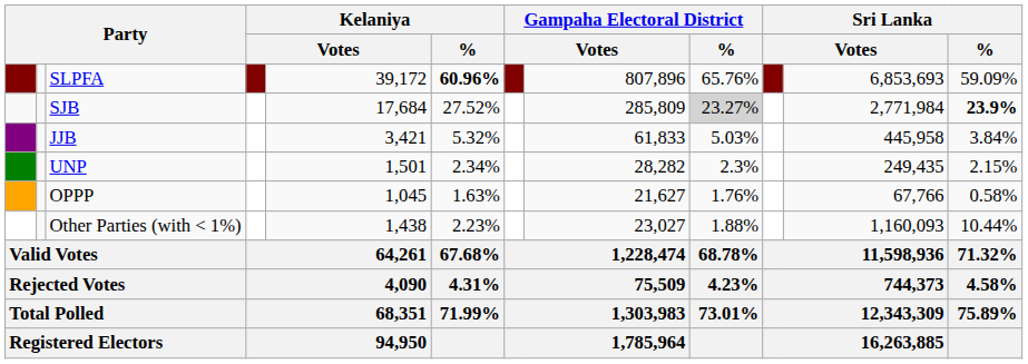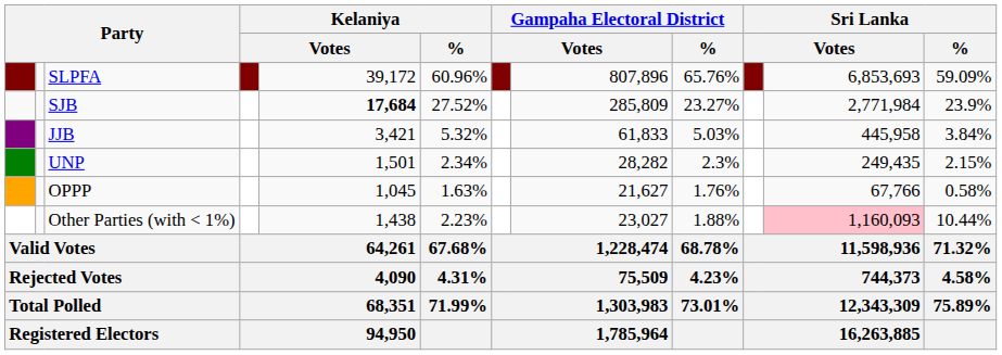 <table class="wikitable">
 <tr>
 <th colspan="3" width="144px"rowspan="2">Party</th>
 <th colspan="3" width="216px">Kelaniya</th>
 <th colspan="3" width="216px"><a href='#'>Gampaha Electoral District</a></th>
 <th colspan="3" width="216px">Sri Lanka</th>
 </tr>
 <tr>
 <th colspan="2" width="144px">Votes</th>
 <th>%</th>
 <th colspan="2" width="144px">Votes</th>
 <th>%</th>
 <th colspan="2" width="144px">Votes</th>
 <th>%</th>
 </tr>
 <tr>
 <td style="background-color:maroon;" width="20px"></td>
 <td></td>
 <td style="text-align:left;"><a href='#'>SLPFA</a></td>
 <td style="background-color:maroon;" width="10px"></td>
 <td style="text-align:right;">39,172</td>
-<td style="text-align:right;"><strong>60.96%</strong></td>
+<td style="text-align:right;">60.96%</td>
 <td style="background-color:maroon;" width="10px"></td>
 <td style="text-align:right;">807,896</td>
 <td style="text-align:right;">65.76%</td>
 <td style="background-color:maroon;" width="10px"></td>
 <td style="text-align:right;">6,853,693</td>
 <td style="text-align:right;">59.09%</td>
 </tr>
 <tr>
 <td style="background-color:"></td>
 <td></td>
 <td style="text-align:left;"><a href='#'>SJB</a></td>
 <td style="background-color:white;" width="10px"></td>
-<td style="text-align:right;">17,684</td>
+<td style="text-align:right;"><strong>17,684</strong></td>
 <td style="text-align:right;">27.52%</td>
 <td style="background-color:white;" width="10px"></td>
 <td style="text-align:right;">285,809</td>
-<td style="background: lightgrey; text-align:right;">23.27%</td>
+<td style="text-align:right;">23.27%</td>
 <td style="background-color:white;" width="10px"></td>
 <td style="text-align:right;">2,771,984</td>
-<td style="text-align:right;"><strong>23.9%</strong></td>
+<td style="text-align:right;">23.9%</td>
 </tr>
 <tr>
 <td style="background-color:purple;" width="20px"></td>
 <td></td>
 <td style="text-align:left;"><a href='#'>JJB</a></td>
 <td style="background-color:white;" width="10px"></td>
 <td style="text-align:right;">3,421</td>
 <td style="text-align:right;">5.32%</td>
 <td style="background-color:white;" width="10px"></td>
 <td style="text-align:right;">61,833</td>
 <td style="text-align:right;">5.03%</td>
 <td style="background-color:white;" width="10px"></td>
 <td style="text-align:right;">445,958</td>
 <td style="text-align:right;">3.84%</td>
 </tr>
 <tr>
 <td style="background-color:green;" width="20px"></td>
 <td></td>
 <td style="text-align:left;"><a href='#'>UNP</a></td>
 <td style="background-color:white;" width="10px"></td>
 <td style="text-align:right;">1,501</td>
 <td style="text-align:right;">2.34%</td>
 <td style="background-color:white;" width="10px"></td>
 <td style="text-align:right;">28,282</td>
 <td style="text-align:right;">2.3%</td>
 <td style="background-color:white;" width="10px"></td>
 <td style="text-align:right;">249,435</td>
 <td style="text-align:right;">2.15%</td>
 </tr>
 <tr>
 <td style="background-color:orange;" width="20px"></td>
 <td></td>
 <td style="text-align:left;">OPPP</td>
 <td style="background-color:white;" width="10px"></td>
 <td style="text-align:right;">1,045</td>
 <td style="text-align:right;">1.63%</td>
 <td style="background-color:white;" width="10px"></td>
 <td style="text-align:right;">21,627</td>
 <td style="text-align:right;">1.76%</td>
 <td style="background-color:white;" width="10px"></td>
 <td style="text-align:right;">67,766</td>
 <td style="text-align:right;">0.58%</td>
 </tr>
 <tr>
 <td style="background-color:white;" width="20px"></td>
 <td></td>
 <td style="text-align:left;">Other Parties (with < 1%)</td>
 <td style="background-color:white;" width="10px"></td>
 <td style="text-align:right;">1,438</td>
 <td style="text-align:right;">2.23%</td>
 <td style="background-color:white;" width="10px"></td>
 <td style="text-align:right;">23,027</td>
 <td style="text-align:right;">1.88%</td>
 <td style="background-color:white;" width="10px"></td>
-<td style="text-align:right;">1,160,093</td>
+<td style="background: pink; text-align:right;">1,160,093</td>
 <td style="text-align:right;">10.44%</td>
 </tr>
 <tr>
 <th colspan="3" width="144px"style="text-align:left;">Valid Votes</th>
 <th style="text-align:right;"colspan="2" width="144px">64,261</th>
 <th style="text-align:right;">67.68%</th>
 <th style="text-align:right;"colspan="2" width="144px">1,228,474</th>
 <th style="text-align:right;">68.78%</th>
 <th style="text-align:right;"colspan="2" width="144px">11,598,936</th>
 <th style="text-align:right;">71.32%</th>
 </tr>
 <tr>
 <th colspan="3" width="144px"style="text-align:left;">Rejected Votes</th>
 <th style="text-align:right;"colspan="2" width="144px">4,090</th>
 <th style="text-align:right;">4.31%</th>
 <th style="text-align:right;"colspan="2" width="144px">75,509</th>
 <th style="text-align:right;">4.23%</th>
 <th style="text-align:right;"colspan="2" width="144px">744,373</th>
 <th style="text-align:right;">4.58%</th>
 </tr>
 <tr>
 <th colspan="3" width="144px"style="text-align:left;">Total Polled</th>
 <th style="text-align:right;"colspan="2" width="144px">68,351</th>
 <th style="text-align:right;">71.99%</th>
 <th style="text-align:right;"colspan="2" width="144px">1,303,983</th>
 <th style="text-align:right;">73.01%</th>
 <th style="text-align:right;"colspan="2" width="144px">12,343,309</th>
 <th style="text-align:right;">75.89%</th>
 </tr>
 <tr>
 <th colspan="3" width="144px"style="text-align:left;">Registered Electors</th>
 <th style="text-align:right;"colspan="2" width="144px">94,950</th>
 <th></th>
 <th style="text-align:right;"colspan="2" width="144px">1,785,964</th>
 <th></th>
 <th style="text-align:right;"colspan="2" width="144px">16,263,885</th>
 <th></th>
 </tr>
 </table>
